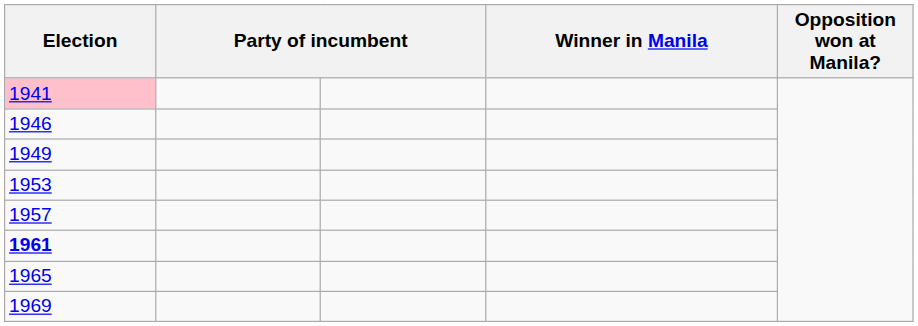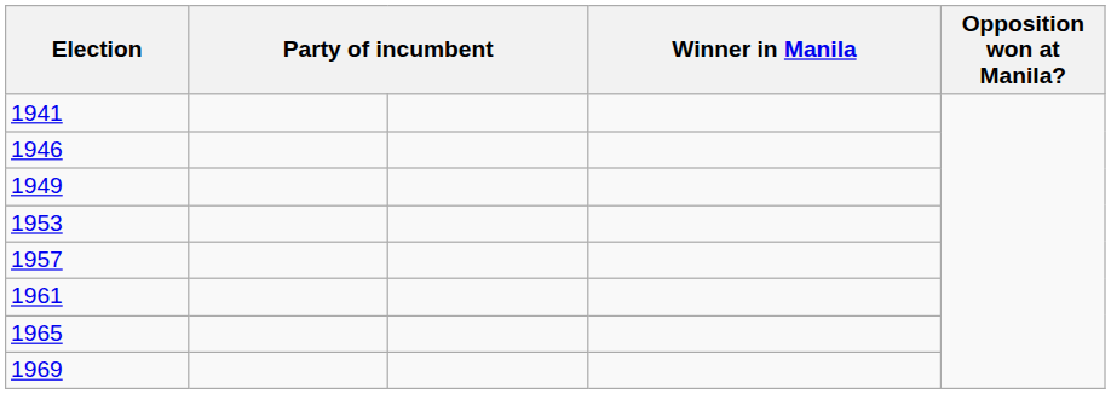 <table class="wikitable" width="60%">
 <tr>
 <th>Election</th>
 <th colspan="2">Party of incumbent</th>
 <th colspan="2">Winner in <a href='#'>Manila</a></th>
 <th width="15%">Opposition won at Manila?</th>
 </tr>
 <tr>
-<td style="background: pink;"><a href='#'>1941</a></td>
+<td><a href='#'>1941</a></td>
 <td></td>
 <td></td>
 <td></td>
 </tr>
 <tr>
 <td><a href='#'>1946</a></td>
 <td></td>
 <td></td>
 <td></td>
 </tr>
 <tr>
 <td><a href='#'>1949</a></td>
 <td></td>
 <td></td>
 <td></td>
 </tr>
 <tr>
 <td><a href='#'>1953</a></td>
 <td></td>
 <td></td>
 <td></td>
 </tr>
 <tr>
 <td><a href='#'>1957</a></td>
 <td></td>
 <td></td>
 <td></td>
 </tr>
 <tr>
-<td><strong><a href='#'>1961</a></strong></td>
+<td><a href='#'>1961</a></td>
 <td></td>
 <td></td>
 <td></td>
 </tr>
 <tr>
 <td><a href='#'>1965</a></td>
 <td></td>
 <td></td>
 <td></td>
 </tr>
 <tr>
 <td><a href='#'>1969</a></td>
 <td></td>
 <td></td>
 <td></td>
 </tr>
 </table>
